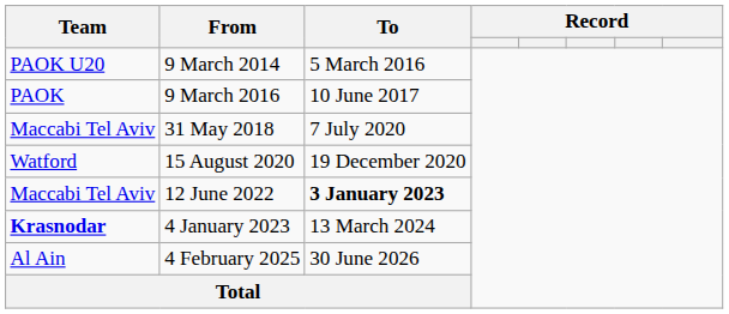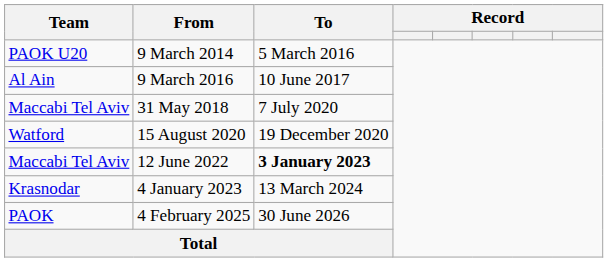 <table class="wikitable" style="text-align:center">
 <tr>
 <th rowspan="2">Team</th>
 <th rowspan="2">From</th>
 <th rowspan="2">To</th>
 <th colspan="5">Record</th>
 </tr>
 <tr>
 <th width=30></th>
 <th width=30></th>
 <th width=30></th>
 <th width=30></th>
 <th width=40></th>
 </tr>
 <tr>
 <td align=left><a href='#'>PAOK U20</a></td>
 <td align=left>9 March 2014</td>
 <td align=left>5 March 2016<br></td>
 </tr>
 <tr>
-<td align=left><a href='#'>PAOK</a></td>
+<td align=left><a href='#'>Al Ain</a></td>
 <td align=left>9 March 2016</td>
 <td align=left>10 June 2017<br></td>
 </tr>
 <tr>
 <td align=left><a href='#'>Maccabi Tel Aviv</a></td>
 <td align=left>31 May 2018</td>
 <td align=left>7 July 2020<br></td>
 </tr>
 <tr>
 <td align=left><a href='#'>Watford</a></td>
 <td align=left>15 August 2020</td>
 <td align=left>19 December 2020<br></td>
 </tr>
 <tr>
 <td align=left><a href='#'>Maccabi Tel Aviv</a></td>
 <td align=left>12 June 2022</td>
 <td align=left><strong>3 January 2023<br></strong></td>
 </tr>
 <tr>
-<td align=left><strong><a href='#'>Krasnodar</a></strong></td>
+<td align=left><a href='#'>Krasnodar</a></td>
 <td align=left>4 January 2023</td>
 <td align=left>13 March 2024<br></td>
 </tr>
 <tr>
-<td align=left><a href='#'>Al Ain</a></td>
+<td align=left><a href='#'>PAOK</a></td>
 <td align=left>4 February 2025</td>
 <td align=left>30 June 2026<br></td>
 </tr>
 <tr>
 <th colspan="3">Total<br></th>
 </tr>
 </table>
